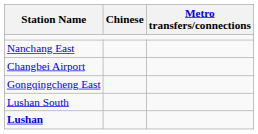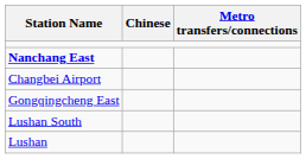 <table class="wikitable">
 <tr>
 <th>Station Name</th>
 <th>Chinese<br></th>
 <th><a href='#'>Metro</a><br>transfers/connections<br></th>
 </tr>
 <tr style="background:#">
 <td colspan = "11"></td>
 </tr>
 <tr>
-<td><a href='#'>Nanchang East</a></td>
+<td><strong><a href='#'>Nanchang East</a></strong></td>
 <td></td>
 <td></td>
 </tr>
 <tr>
 <td><a href='#'>Changbei Airport</a></td>
 <td></td>
 <td></td>
 </tr>
 <tr>
 <td><a href='#'>Gongqingcheng East</a></td>
 <td></td>
 <td></td>
 </tr>
 <tr>
 <td><a href='#'>Lushan South</a></td>
 <td></td>
 <td></td>
 </tr>
 <tr>
-<td><strong><a href='#'>Lushan</a></strong></td>
+<td><a href='#'>Lushan</a></td>
 <td></td>
 <td></td>
 </tr>
 </table>
